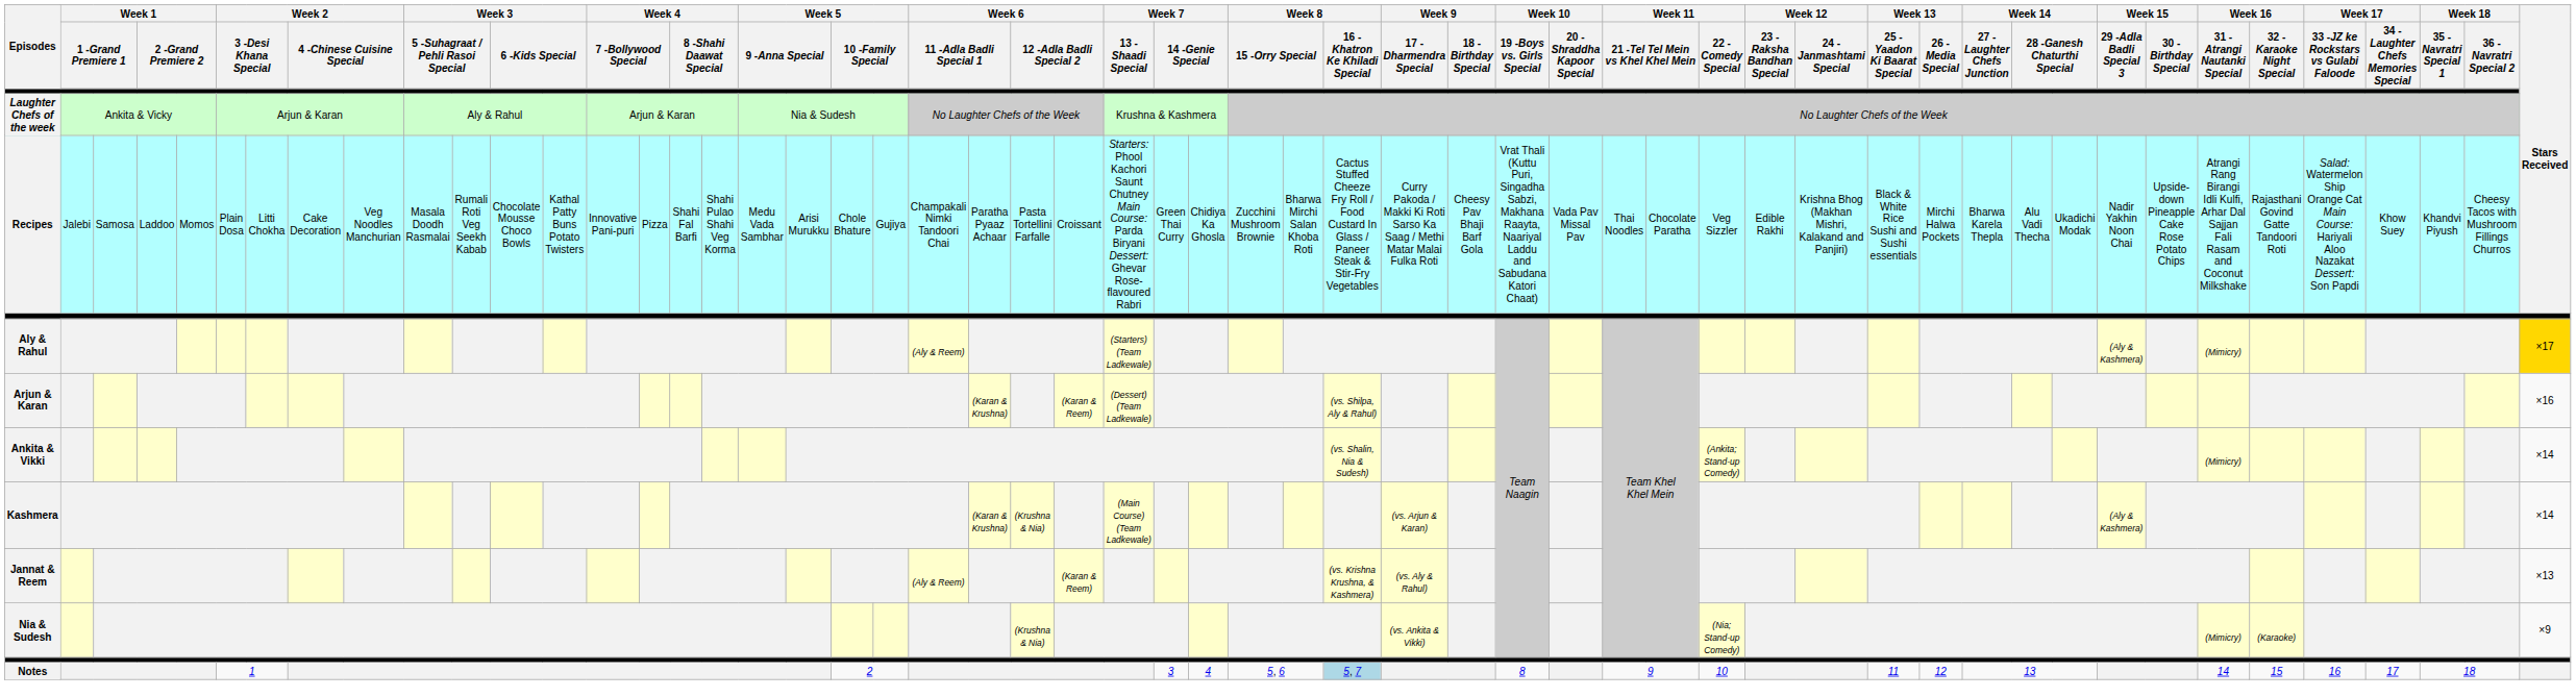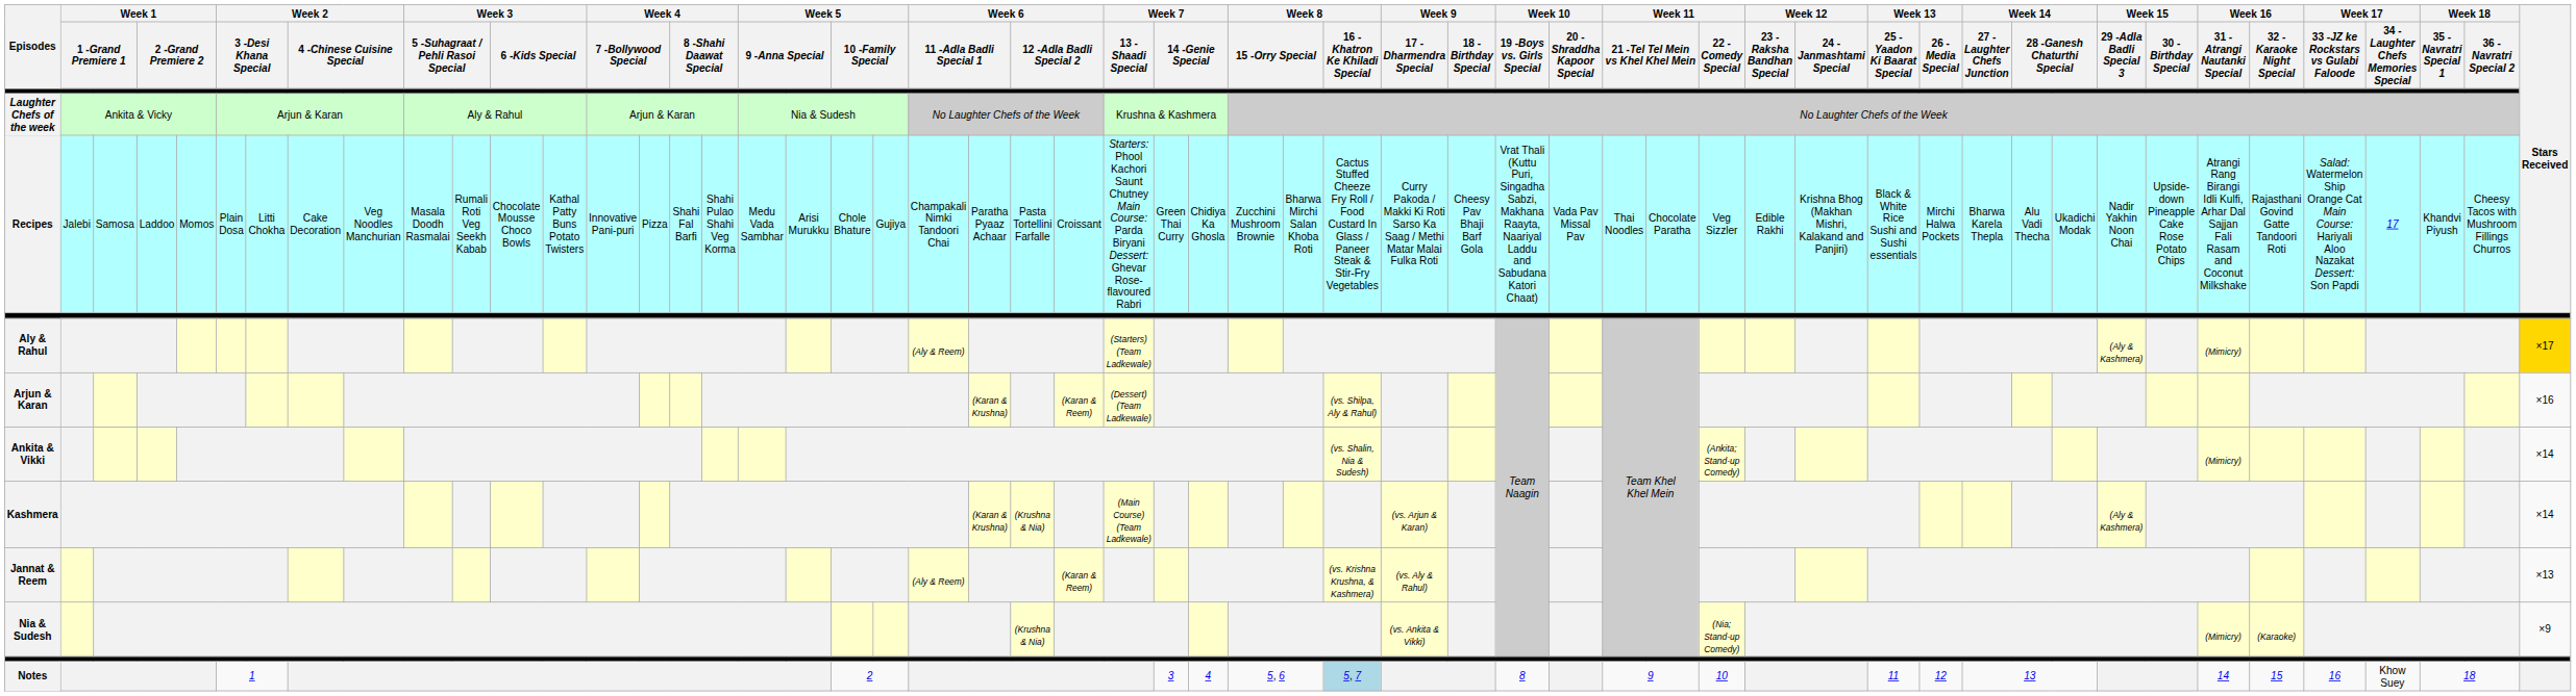 <table class="wikitable" style="text-align:center;margin:auto;font-size:80%;">
 <tr>
 <th style="position: sticky; left: 0;" rowspan="2">Episodes</th>
 <th colspan="4">Week 1</th>
 <th colspan="4">Week 2</th>
 <th colspan="4">Week 3</th>
 <th colspan="4">Week 4</th>
 <th colspan="4">Week 5</th>
 <th colspan="4">Week 6</th>
 <th colspan="3">Week 7</th>
 <th colspan="3">Week 8</th>
 <th colspan="2">Week 9</th>
 <th colspan="2">Week 10</th>
 <th colspan="3">Week 11</th>
 <th colspan="2">Week 12</th>
 <th colspan="2">Week 13</th>
 <th colspan="3">Week 14</th>
 <th colspan="2">Week 15</th>
 <th colspan="2">Week 16</th>
 <th colspan="2">Week 17</th>
 <th colspan="2">Week 18</th>
 <th rowspan="5">Stars Received</th>
 </tr>
 <tr>
 <th colspan=2>1 -<em>Grand Premiere 1</em></th>
 <th colspan=2>2 -<em>Grand Premiere 2</em></th>
 <th colspan=2>3 -<em>Desi Khana Special</em></th>
 <th colspan=2>4 -<em>Chinese Cuisine Special</em></th>
 <th colspan=2>5 -<em>Suhagraat / Pehli Rasoi Special</em></th>
 <th colspan=2>6 -<em>Kids Special</em></th>
 <th colspan=2>7 -<em>Bollywood Special</em></th>
 <th colspan=2>8 -<em>Shahi Daawat Special</em></th>
 <th colspan=2>9 -<em>Anna Special</em></th>
 <th colspan=2>10 -<em>Family Special</em></th>
 <th colspan=2>11 -<em>Adla Badli Special 1</em></th>
 <th colspan=2>12 -<em>Adla Badli Special 2</em></th>
 <th>13 -<em>Shaadi Special</em></th>
 <th colspan=2>14 -<em>Genie Special</em></th>
 <th colspan=2>15 -<em>Orry Special</em></th>
 <th>16 -<em>Khatron Ke Khiladi Special</em></th>
 <th>17 -<em>Dharmendra Special</em></th>
 <th>18 -<em>Birthday Special</em></th>
 <th>19 -<em>Boys vs. Girls Special</em></th>
 <th>20 -<em>Shraddha Kapoor Special</em></th>
 <th colspan="2">21 -<em>Tel Tel Mein vs Khel Khel Mein</em></th>
 <th>22 -<em> Comedy Special </em></th>
 <th>23 -<em>Raksha Bandhan Special</em></th>
 <th>24 -<em>Janmashtami Special</em></th>
 <th>25 -<em>Yaadon Ki Baarat Special</em></th>
 <th>26 -<em> Media Special</em></th>
 <th>27 -<em>Laughter Chefs Junction</em></th>
 <th colspan=2>28 -<em>Ganesh Chaturthi Special</em></th>
 <th>29 -<em>Adla Badli Special 3</em></th>
 <th>30 -<em>Birthday Special</em></th>
 <th>31 -<em>Atrangi Nautanki Special</em></th>
 <th>32 -<em>Karaoke Night Special</em></th>
 <th>33 -<em>JZ ke Rockstars vs Gulabi Faloode</em></th>
 <th>34 -<em>Laughter Chefs Memories Special</em></th>
 <th>35 -<em>Navratri Special 1</em></th>
 <th>36 -<em>Navratri Special 2</em></th>
 </tr>
 <tr>
 <th colspan="53" style="background:#000;"></th>
 </tr>
 <tr style="background:#cfc;" |>
 <th style="position: sticky; left: 0;"><em>Laughter Chefs of the week</em></th>
 <td colspan=4>Ankita & Vicky</td>
 <td colspan=4>Arjun & Karan</td>
 <td colspan=4>Aly & Rahul</td>
 <td colspan=4>Arjun & Karan</td>
 <td colspan=4>Nia & Sudesh</td>
 <td colspan=4 bgcolor=#ccc><em>No Laughter Chefs of the Week</em></td>
 <td colspan=3>Krushna & Kashmera</td>
 <td colspan="25" style="background:#ccc;"><em>No Laughter Chefs of the Week</em></td>
 </tr>
 <tr style="background:#B2FFFF;" |>
 <th style="position: sticky; left: 0;">Recipes</th>
 <td>Jalebi</td>
 <td>Samosa</td>
 <td>Laddoo</td>
 <td>Momos</td>
 <td>Plain Dosa</td>
 <td>Litti Chokha</td>
 <td>Cake Decoration</td>
 <td>Veg Noodles<br>Manchurian</td>
 <td>Masala Doodh<br>Rasmalai</td>
 <td>Rumali Roti<br>Veg Seekh Kabab</td>
 <td>Chocolate Mousse<br>Choco Bowls</td>
 <td>Kathal Patty Buns<br>Potato Twisters</td>
 <td>Innovative Pani-puri</td>
 <td>Pizza</td>
 <td>Shahi Fal Barfi</td>
 <td>Shahi Pulao<br>Shahi Veg Korma</td>
 <td>Medu Vada<br>Sambhar</td>
 <td>Arisi Murukku</td>
 <td>Chole Bhature</td>
 <td>Gujiya</td>
 <td>Champakali Nimki<br>Tandoori Chai</td>
 <td>Paratha<br>Pyaaz Achaar</td>
 <td>Pasta Tortellini<br>Farfalle</td>
 <td>Croissant</td>
 <td><em>Starters:</em> Phool Kachori<br>Saunt Chutney<br><em>Main Course:</em> Parda Biryani<br><em>Dessert:</em> Ghevar<br>Rose-flavoured Rabri</td>
 <td>Green Thai Curry</td>
 <td>Chidiya Ka Ghosla</td>
 <td>Zucchini Mushroom Brownie</td>
 <td>Bharwa Mirchi Salan<br>Khoba Roti</td>
 <td>Cactus Stuffed Cheeze Fry Roll / Food Custard In Glass / Paneer Steak & Stir-Fry Vegetables</td>
 <td>Curry Pakoda / Makki Ki Roti<br>Sarso Ka Saag / Methi Matar Malai<br>Fulka Roti</td>
 <td>Cheesy Pav Bhaji<br>Barf Gola</td>
 <td>Vrat Thali (Kuttu Puri, Singadha Sabzi, Makhana Raayta, Naariyal Laddu and Sabudana Katori Chaat)</td>
 <td>Vada Pav<br>Missal Pav</td>
 <td>Thai Noodles</td>
 <td>Chocolate Paratha</td>
 <td>Veg Sizzler</td>
 <td>Edible Rakhi</td>
 <td>Krishna Bhog (Makhan Mishri, Kalakand and Panjiri)</td>
 <td>Black & White Rice Sushi and Sushi essentials</td>
 <td>Mirchi Halwa Pockets</td>
 <td>Bharwa Karela<br>Thepla</td>
 <td>Alu Vadi<br>Thecha</td>
 <td>Ukadichi Modak</td>
 <td>Nadir Yakhin<br>Noon Chai</td>
 <td>Upside-down Pineapple Cake<br>Rose Potato Chips</td>
 <td>Atrangi Rang Birangi Idli Kulfi, Arhar Dal Sajjan Fali Rasam and Coconut Milkshake</td>
 <td>Rajasthani Govind Gatte<br> Tandoori Roti</td>
 <td><em>Salad:</em> Watermelon Ship<br>Orange Cat <em>Main Course:</em> Hariyali Aloo Nazakat <em>Dessert:</em>  Son Papdi</td>
-<td>Khow Suey</td>
+<td><em><a href='#'>17</a></em></td>
 <td>Khandvi<br>Piyush</td>
 <td>Cheesy Tacos with Mushroom Fillings<br>Churros</td>
 </tr>
 <tr>
 <th colspan="54" style="background:#000;"></th>
 </tr>
 <tr>
 <th style="position: sticky; left: 0;">Aly & Rahul</th>
 <th colspan=3></th>
 <td style="background:#ffc;"></td>
 <td style="background:#ffc;"></td>
 <td style="background:#ffc;"></td>
 <th colspan=2></th>
 <td style="background:#ffc;"></td>
 <th colspan=2></th>
 <td style="background:#ffc;"></td>
 <th colspan=5></th>
 <td style="background:#ffc;"></td>
 <th colspan=2></th>
 <td style="background:#ffc;"><br><em><small>(Aly & Reem)</small></em></td>
 <th colspan=3></th>
 <td style="background:#ffc;"><br><em><small>(Starters)<br>(Team Ladkewale)</small></em></td>
 <th colspan=2></th>
 <td style="background:#ffc;"></td>
 <th colspan="4"></th>
 <td rowspan="6" bgcolor=#ccc><em>Team<br>Naagin</em></td>
 <td style="background:#ffc;"></td>
 <td colspan="2" rowspan="6" bgcolor="#ccc"><em>Team Khel<br>Khel Mein</em></td>
 <td style="background:#ffc;"></td>
 <td style="background:#ffc;"></td>
 <th></th>
 <td style="background:#ffc;"></td>
 <th colspan="4"></th>
 <td style="background:#ffc;"><br><em><small>(Aly & Kashmera)</small></em></td>
 <th></th>
 <td style="background:#ffc;"><br><em><small>(Mimicry)</small></em></td>
 <td style="background:#ffc;"></td>
 <td style="background:#ffc;"></td>
 <th colspan="3"></th>
 <td style="background:gold;">×17</td>
 </tr>
 <tr>
 <th style="position: sticky; left: 0;">Arjun & Karan</th>
 <th></th>
 <td style="background:#ffc;"></td>
 <th colspan="3"></th>
 <td style="background:#ffc;"></td>
 <td style="background:#ffc;"></td>
 <th colspan="6"></th>
 <td style="background:#ffc;"></td>
 <td style="background:#ffc;"></td>
 <th colspan="6"></th>
 <td style="background:#ffc;"><br><em><small>(Karan & Krushna)</small></em></td>
 <th></th>
 <td style="background:#ffc;"><br><em><small>(Karan & Reem)</small></em></td>
 <td style="background:#ffc;"><br><em><small>(Dessert)<br>(Team Ladkewale)</small></em></td>
 <th colspan="4"></th>
 <td style="background:#ffc;"><br><em><small>(vs. Shilpa, Aly & Rahul)</small></em></td>
 <th></th>
 <td style="background:#ffc;"></td>
 <td style="background:#ffc;"></td>
 <th colspan="3"></th>
 <td style="background:#ffc;"></td>
 <th colspan="2”"></th>
 <td style="background:#ffc;"></td>
 <th colspan="2"></th>
 <td style="background:#ffc;"></td>
 <td style="background:#ffc;"></td>
 <th colspan="4"></th>
 <td style="background:#ffc;"></td>
 <td>×16</td>
 </tr>
 <tr>
 <th style="position: sticky; left: 0;">Ankita & Vikki</th>
 <th></th>
 <td style="background:#ffc;"></td>
 <td style="background:#ffc;"></td>
 <th colspan=4></th>
 <td style="background:#ffc;"></td>
 <th colspan=7></th>
 <td style="background:#ffc;"></td>
 <td style="background:#ffc;"></td>
 <th colspan=12></th>
 <td style="background:#ffc;"><br><em><small>(vs. Shalin, Nia & Sudesh)</small></em></td>
 <th></th>
 <td style="background:#ffc;"></td>
 <th></th>
 <td style="background:#ffc;"><br><em><small>(Ankita; Stand-up Comedy)</small></em></td>
 <th></th>
 <td style="background:#ffc;"></td>
 <th colspan="4"></th>
 <td style="background:#ffc;"></td>
 <th colspan=2></th>
 <td style="background:#ffc;"><br><em><small>(Mimicry)</small></em></td>
 <td style="background:#ffc;"></td>
 <td style="background:#ffc;"></td>
 <th></th>
 <td style="background:#ffc;"></td>
 <th></th>
 <td>×14</td>
 </tr>
 <tr>
 <th style="position: sticky; left: 0;"> Kashmera</th>
 <th colspan="8"></th>
 <td style="background:#ffc;"></td>
 <th></th>
 <td style="background:#ffc;"></td>
 <th colspan="2"></th>
 <td style="background:#ffc;"></td>
 <th colspan="7"></th>
 <td style="background:#ffc;"><br><em><small>(Karan & Krushna)</small></em></td>
 <td style="background:#ffc;"><br><em><small>(Krushna & Nia)</small></em></td>
 <th></th>
 <td style="background:#ffc;"><br><em><small>(Main Course)<br>(Team Ladkewale)</small></em></td>
 <th></th>
 <td style="background:#ffc;"></td>
 <th></th>
 <td style="background:#ffc;"><br></td>
 <th></th>
 <td style="background:#ffc;"><br><em><small>(vs. Arjun & Karan)</small></em></td>
 <th></th>
 <th></th>
 <th colspan="4"></th>
 <td style="background:#ffc;"></td>
 <td style="background:#ffc;"></td>
 <th colspan="2"></th>
 <td style="background:#ffc;"><br><em><small>(Aly & Kashmera)</small></em></td>
 <th colspan="3"></th>
 <td style="background:#ffc;"></td>
 <th></th>
 <td style="background:#ffc;"></td>
 <th></th>
 <td>×14</td>
 </tr>
 <tr>
 <th style="position: sticky; left: 0;">Jannat & Reem</th>
 <td style="background:#ffc;"></td>
 <th colspan="5"></th>
 <td style="background:#ffc;"></td>
 <th colspan="2"></th>
 <td style="background:#ffc;"></td>
 <th colspan="2"></th>
 <td style="background:#ffc;"></td>
 <th colspan="4"></th>
 <td style="background:#ffc;"></td>
 <th colspan="2"></th>
 <td style="background:#ffc;"><br><em><small>(Aly & Reem)</small></em></td>
 <th colspan="2"></th>
 <td style="background:#ffc;"><br><em><small>(Karan & Reem)</small></em></td>
 <th></th>
 <td style="background:#ffc;"></td>
 <th colspan="3"></th>
 <td style="background:#ffc;"><br><em><small>(vs. Krishna Krushna, & Kashmera)</small></em></td>
 <td style="background:#ffc;"><br><em><small>(vs. Aly & Rahul)</small></em></td>
 <th></th>
 <th></th>
 <th colspan="2"></th>
 <td style="background:#ffc;"></td>
 <th colspan="8"></th>
 <td style="background:#ffc;"></td>
 <th></th>
 <td style="background:#ffc;"></td>
 <th colspan="2"></th>
 <td>×13</td>
 </tr>
 <tr>
 <th style="position: sticky; left: 0;">Nia & Sudesh</th>
 <td style="background:#ffc;"></td>
 <th colspan=17></th>
 <td style="background:#ffc;"></td>
 <td style="background:#ffc;"></td>
 <th colspan=2></th>
 <td style="background:#ffc;"><br><em><small>(Krushna & Nia)</small></em></td>
 <th colspan=3></th>
 <td style="background:#ffc;"></td>
 <th colspan="3"></th>
 <td style="background:#ffc;"><br><em><small>(vs. Ankita & Vikki)</small></em></td>
 <th></th>
 <th></th>
 <td style="background:#ffc;"><br><em><small>(Nia; Stand-up Comedy)</small></em></td>
 <th colspan="9"></th>
 <td style="background:#ffc;"><br><em><small>(Mimicry)</small></em></td>
 <td style="background:#ffc;"><br><em><small>(Karaoke)</small></em></td>
 <th colspan="4"></th>
 <td>×9</td>
 </tr>
 <tr>
 <th colspan="54" style="background:#000;"></th>
 </tr>
 <tr>
 <th style="position: sticky; left: 0;">Notes</th>
 <th colspan=4></th>
 <td colspan=2><em><a href='#'>1</a></em></td>
 <th colspan=12></th>
 <td colspan=2><em><a href='#'>2</a></em></td>
 <th colspan=5></th>
 <td><em><a href='#'>3</a></em></td>
 <td><em><a href='#'>4</a></em></td>
 <td colspan=2><em><a href='#'>5</a></em>, <em><a href='#'>6</a></em></td>
 <td style="background: lightblue;"><em><a href='#'>5</a></em>, <em><a href='#'>7</a></em></td>
 <th colspan=2></th>
 <td><em><a href='#'>8</a></em></td>
 <th></th>
 <td colspan=2><em><a href='#'>9</a></em></td>
 <td><em><a href='#'>10</a></em></td>
 <th colspan="2"></th>
 <td colspan="1"><em><a href='#'>11</a></em></td>
 <td><em><a href='#'>12</a></em></td>
 <td colspan="3"><em><a href='#'>13</a></em></td>
 <th colspan=2></th>
 <td><em><a href='#'>14</a></em></td>
 <td><em><a href='#'>15</a></em></td>
 <td><em><a href='#'>16</a></em></td>
-<td><em><a href='#'>17</a></em></td>
+<td>Khow Suey</td>
 <td colspan="2"><em><a href='#'>18</a></em></td>
 <th></th>
 </tr>
 </table>
